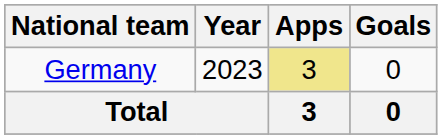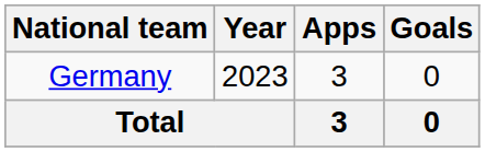 <table class="wikitable" style="text-align:center">
 <tr>
 <th>National team</th>
 <th>Year</th>
 <th>Apps</th>
 <th>Goals</th>
 </tr>
 <tr>
 <td><a href='#'>Germany</a></td>
 <td>2023</td>
-<td style="background: khaki;">3</td>
+<td>3</td>
 <td>0</td>
 </tr>
 <tr>
 <th colspan="2">Total</th>
 <th>3</th>
 <th>0</th>
 </tr>
 </table>
